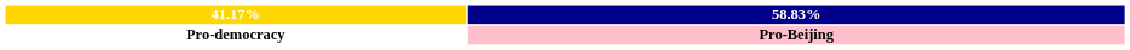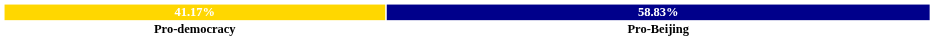 <table style="width:60%; text-align:center;">
 <tr style="color:white;">
 <td style="background:gold; width:41.17%;"><strong>41.17%</strong></td>
 <td style="background:darkblue; width:58.83%;"><strong>58.83%</strong></td>
 </tr>
 <tr>
 <td><span><strong>Pro-democracy</strong></span></td>
-<td style="background: pink;"><span><strong>Pro-Beijing</strong></span></td>
+<td><span><strong>Pro-Beijing</strong></span></td>
 </tr>
 </table>
